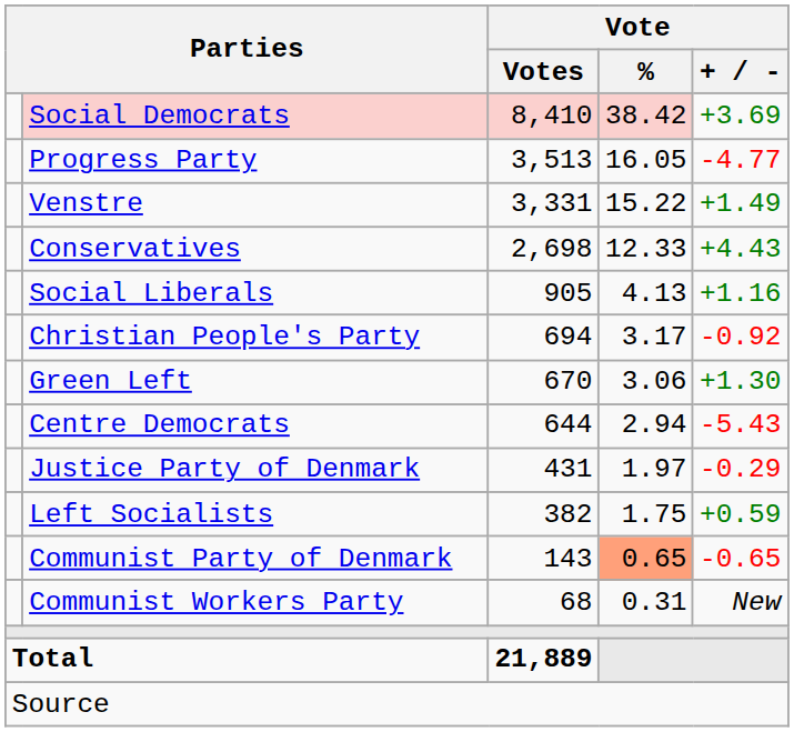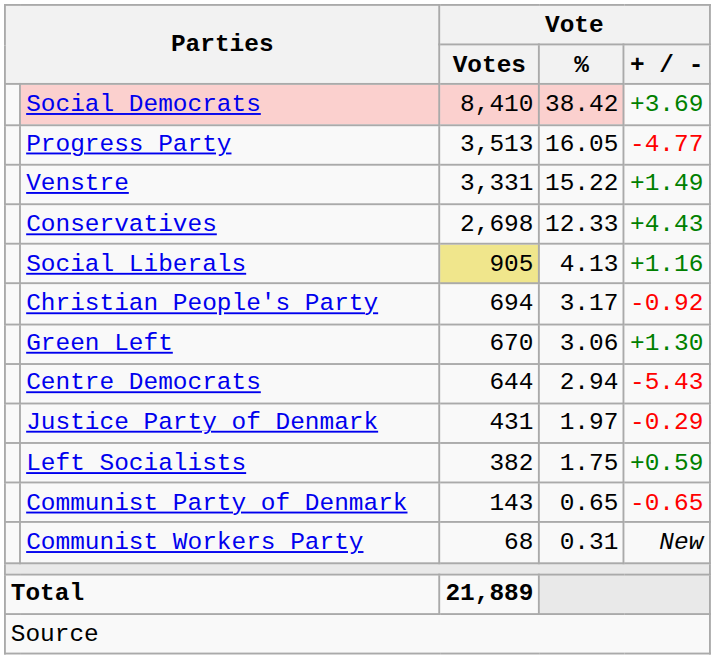 <table class="wikitable" style="text-align:right;">
 <tr>
 <th style="text-align:centre;" rowspan="2" colspan="2" width="225">Parties</th>
 <th colspan="3">Vote</th>
 </tr>
 <tr>
 <th width="15">Votes</th>
 <th width="15">%</th>
 <th width="15">+ / -</th>
 </tr>
 <tr>
 <td width="2" style="color:inherit;background:"></td>
 <td bgcolor=#fbd0ce  align="left"><a href='#'>Social Democrats</a></td>
 <td bgcolor=#fbd0ce>8,410</td>
 <td bgcolor=#fbd0ce>38.42</td>
 <td style=color:green;>+3.69</td>
 </tr>
 <tr>
 <td width="2" style="color:inherit;background:"></td>
 <td align="left"><a href='#'>Progress Party</a></td>
 <td>3,513</td>
 <td>16.05</td>
 <td style=color:red;>-4.77</td>
 </tr>
 <tr>
 <td width="2" style="color:inherit;background:"></td>
 <td align="left"><a href='#'>Venstre</a></td>
 <td>3,331</td>
 <td>15.22</td>
 <td style=color:green;>+1.49</td>
 </tr>
 <tr>
 <td width="2" style="color:inherit;background:"></td>
 <td align="left"><a href='#'>Conservatives</a></td>
 <td>2,698</td>
 <td>12.33</td>
 <td style=color:green;>+4.43</td>
 </tr>
 <tr>
 <td width="2" style="color:inherit;background:"></td>
 <td align="left"><a href='#'>Social Liberals</a></td>
-<td>905</td>
+<td style="background: khaki;">905</td>
 <td>4.13</td>
 <td style=color:green;>+1.16</td>
 </tr>
 <tr>
 <td width="2" style="color:inherit;background:"></td>
 <td align="left"><a href='#'>Christian People's Party</a></td>
 <td>694</td>
 <td>3.17</td>
 <td style=color:red;>-0.92</td>
 </tr>
 <tr>
 <td width="2" style="color:inherit;background:"></td>
 <td align="left"><a href='#'>Green Left</a></td>
 <td>670</td>
 <td>3.06</td>
 <td style=color:green;>+1.30</td>
 </tr>
 <tr>
 <td width="2" style="color:inherit;background:"></td>
 <td align="left"><a href='#'>Centre Democrats</a></td>
 <td>644</td>
 <td>2.94</td>
 <td style=color:red;>-5.43</td>
 </tr>
 <tr>
 <td width="2" style="color:inherit;background:"></td>
 <td align="left"><a href='#'>Justice Party of Denmark</a></td>
 <td>431</td>
 <td>1.97</td>
 <td style=color:red;>-0.29</td>
 </tr>
 <tr>
 <td width="2" style="color:inherit;background:"></td>
 <td align="left"><a href='#'>Left Socialists</a></td>
 <td>382</td>
 <td>1.75</td>
 <td style=color:green;>+0.59</td>
 </tr>
 <tr>
 <td width="2" style="color:inherit;background:"></td>
 <td align="left"><a href='#'>Communist Party of Denmark</a></td>
 <td>143</td>
-<td style="background: lightsalmon;">0.65</td>
+<td>0.65</td>
 <td style=color:red;>-0.65</td>
 </tr>
 <tr>
 <td width="2" style="color:inherit;background:"></td>
 <td align="left"><a href='#'>Communist Workers Party</a></td>
 <td>68</td>
 <td>0.31</td>
 <td><em>New</em></td>
 </tr>
 <tr>
 <td colspan="7" bgcolor="#E9E9E9"></td>
 </tr>
 <tr>
 <td align="left" colspan="2"><strong>Total</strong></td>
 <td><strong>21,889</strong></td>
 <td bgcolor="#E9E9E9" colspan="2"></td>
 </tr>
 <tr>
 <td align="left" colspan="6">Source</td>
 </tr>
 </table>
